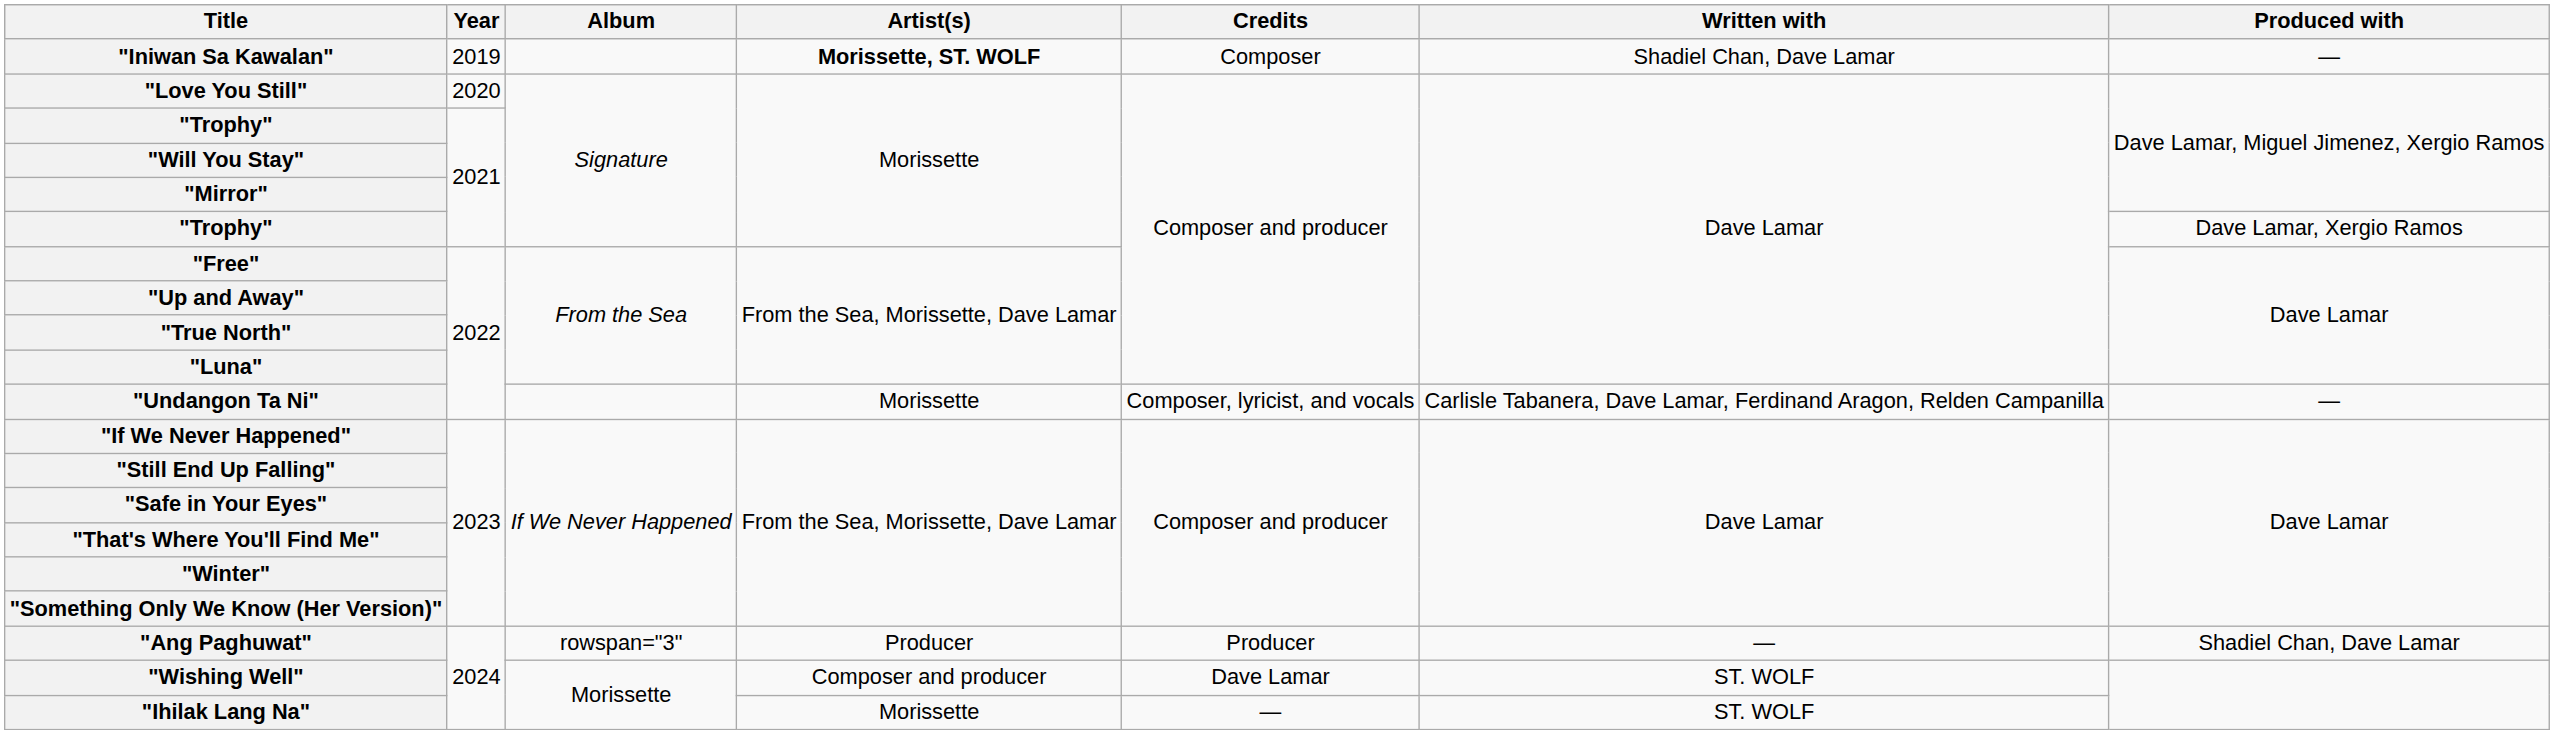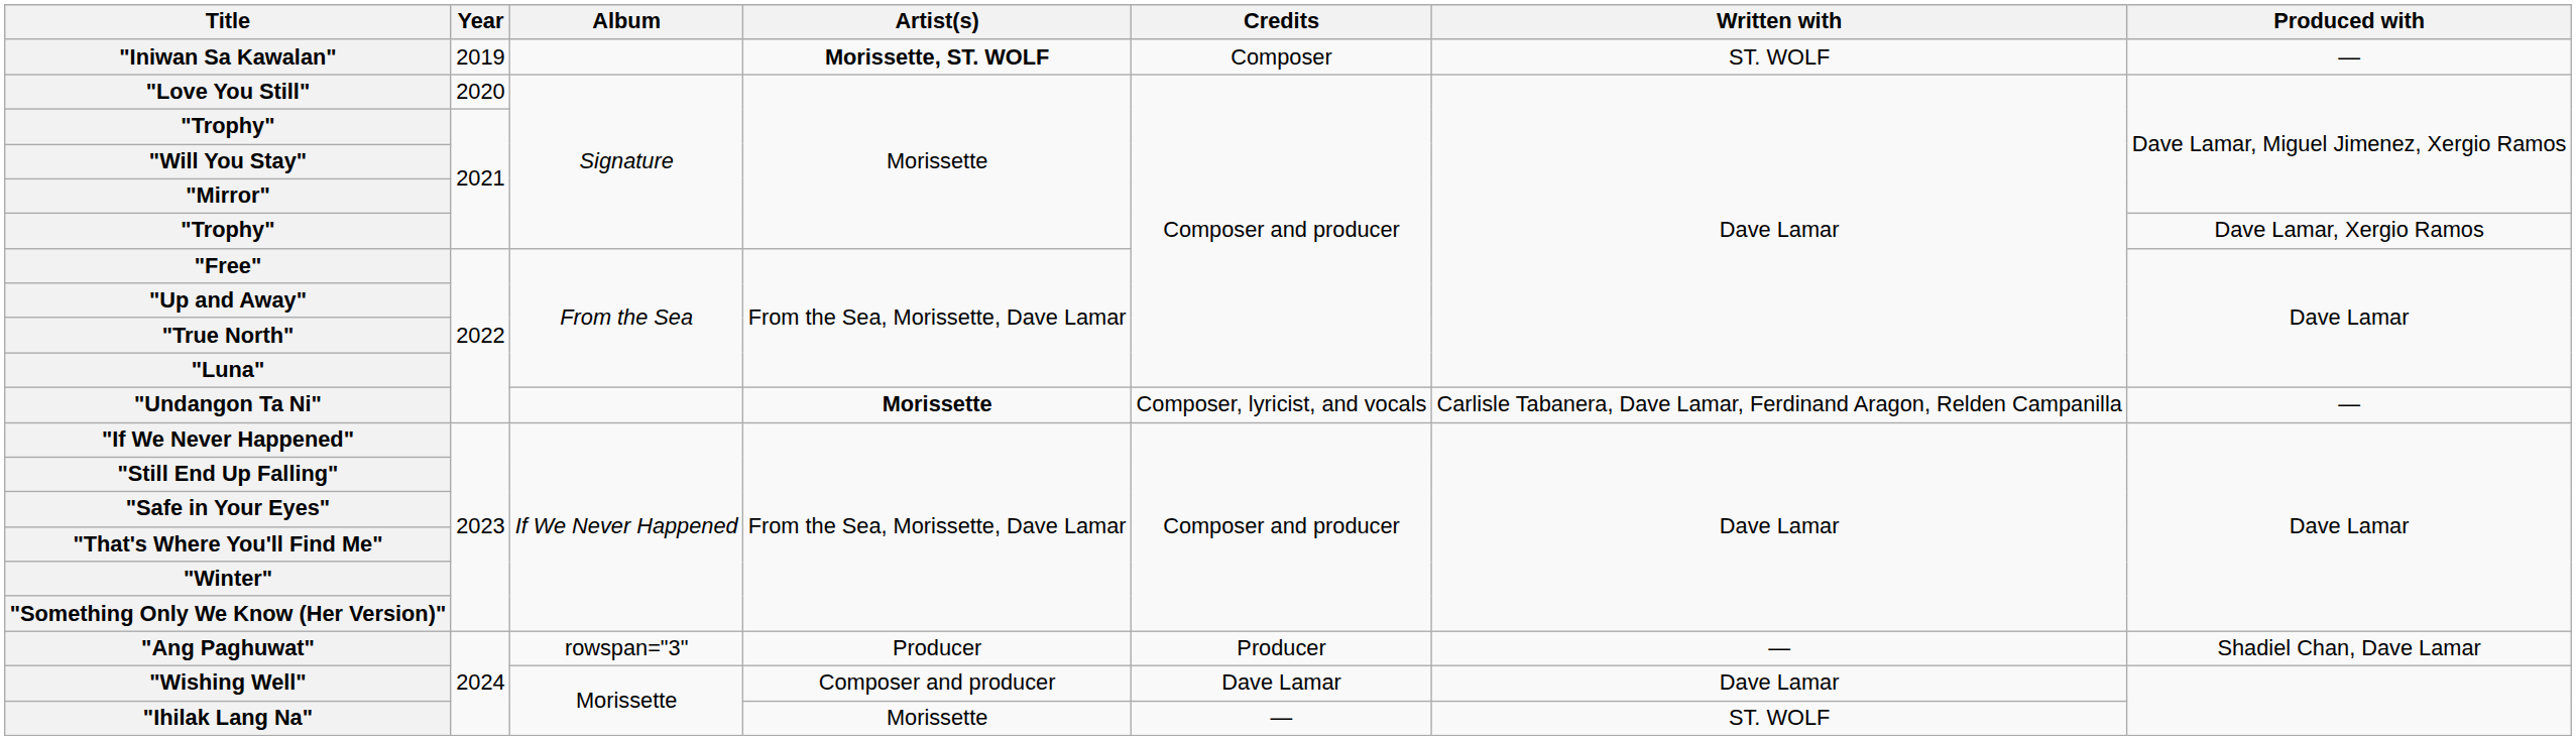 <table class="wikitable sortable plainrowheaders sortable" style="text-align:center;">
 <tr style="background:#ccc; text-align:center;">
 <th scope="col">Title</th>
 <th scope="col">Year</th>
 <th scope="col">Album</th>
 <th scope="col">Artist(s)</th>
 <th scope="col">Credits</th>
 <th scope="col">Written with</th>
 <th scope="col">Produced with</th>
 </tr>
 <tr>
 <th scope="row">"Iniwan Sa Kawalan"</th>
 <td>2019</td>
 <td></td>
 <td><strong>Morissette, ST. WOLF</strong></td>
 <td>Composer</td>
-<td>Shadiel Chan, Dave Lamar</td>
+<td>ST. WOLF</td>
 <td>—</td>
 </tr>
 <tr>
 <th scope="row">"Love You Still"</th>
 <td>2020</td>
 <td rowspan="5"><em>Signature</em></td>
 <td rowspan="5">Morissette</td>
 <td rowspan="9">Composer and producer</td>
 <td rowspan="9">Dave Lamar</td>
 <td rowspan="4">Dave Lamar, Miguel Jimenez, Xergio Ramos</td>
 </tr>
 <tr>
 <th scope="row">"Trophy"</th>
 <td rowspan="4">2021</td>
 </tr>
 <tr>
 <th scope="row">"Will You Stay"</th>
 </tr>
 <tr>
 <th scope="row">"Mirror"</th>
 </tr>
 <tr>
 <th scope="row">"Trophy"</th>
 <td>Dave Lamar, Xergio Ramos</td>
 </tr>
 <tr>
 <th scope="row">"Free"</th>
 <td rowspan="5">2022</td>
 <td rowspan="4"><em>From the Sea</em></td>
 <td rowspan="4">From the Sea, Morissette, Dave Lamar</td>
 <td rowspan="4">Dave Lamar</td>
 </tr>
 <tr>
 <th scope="row">"Up and Away"</th>
 </tr>
 <tr>
 <th scope="row">"True North"</th>
 </tr>
 <tr>
 <th scope="row">"Luna"</th>
 </tr>
 <tr>
 <th scope="row">"Undangon Ta Ni"</th>
 <td></td>
-<td>Morissette</td>
+<td><strong>Morissette</strong></td>
 <td>Composer, lyricist, and vocals</td>
 <td>Carlisle Tabanera, Dave Lamar, Ferdinand Aragon, Relden Campanilla</td>
 <td>—</td>
 </tr>
 <tr>
 <th scope="row">"If We Never Happened"</th>
 <td rowspan="6">2023</td>
 <td rowspan="6"><em>If We Never Happened</em></td>
 <td rowspan="6">From the Sea, Morissette, Dave Lamar</td>
 <td rowspan="6">Composer and producer</td>
 <td rowspan="6">Dave Lamar</td>
 <td rowspan="6">Dave Lamar</td>
 </tr>
 <tr>
 <th scope="row">"Still End Up Falling"</th>
 </tr>
 <tr>
 <th scope="row">"Safe in Your Eyes"</th>
 </tr>
 <tr>
 <th scope="row">"That's Where You'll Find Me"</th>
 </tr>
 <tr>
 <th scope="row">"Winter"</th>
 </tr>
 <tr>
 <th scope="row">"Something Only We Know (Her Version)"</th>
 </tr>
 <tr>
 <th scope="row">"Ang Paghuwat"</th>
 <td rowspan="3">2024</td>
 <td>rowspan="3" </td>
 <td>Producer</td>
 <td>Producer</td>
 <td>—</td>
 <td>Shadiel Chan, Dave Lamar</td>
 </tr>
 <tr>
 <th scope="row">"Wishing Well"</th>
 <td rowspan="2">Morissette</td>
 <td>Composer and producer</td>
 <td>Dave Lamar</td>
-<td>ST. WOLF</td>
+<td>Dave Lamar</td>
 </tr>
 <tr>
 <th scope="row">"Ihilak Lang Na"</th>
 <td>Morissette</td>
 <td>—</td>
 <td>ST. WOLF</td>
 </tr>
 </table>
